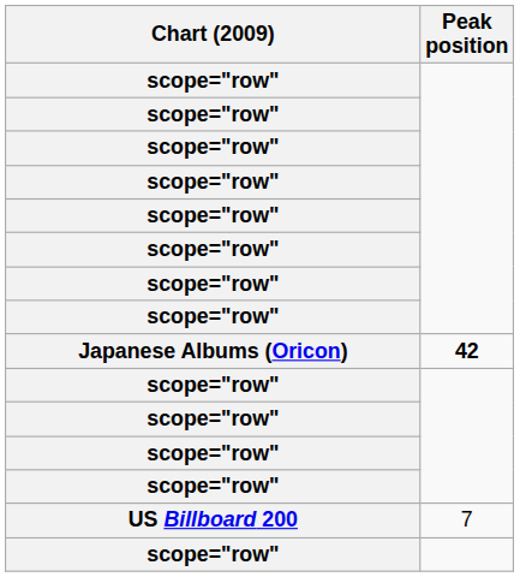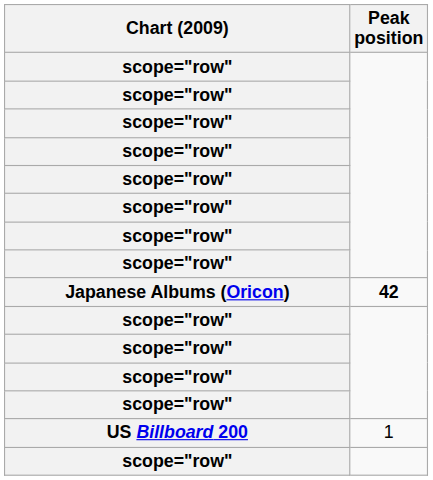 <table class="wikitable plainrowheaders sortable" style="text-align:center;">
 <tr>
 <th scope="col" style="width:19em;">Chart (2009)</th>
 <th scope="col">Peak<br>position</th>
 </tr>
 <tr>
 <th>scope="row" </th>
 </tr>
 <tr>
 <th>scope="row" </th>
 </tr>
 <tr>
 <th>scope="row" </th>
 </tr>
 <tr>
 <th>scope="row" </th>
 </tr>
 <tr>
 <th>scope="row" </th>
 </tr>
 <tr>
 <th>scope="row" </th>
 </tr>
 <tr>
 <th>scope="row" </th>
 </tr>
 <tr>
 <th>scope="row" </th>
 </tr>
 <tr>
 <th scope="row">Japanese Albums (<a href='#'>Oricon</a>)</th>
 <td><strong>42</strong></td>
 </tr>
 <tr>
 <th>scope="row" </th>
 </tr>
 <tr>
 <th>scope="row" </th>
 </tr>
 <tr>
 <th>scope="row" </th>
 </tr>
 <tr>
 <th>scope="row" </th>
 </tr>
 <tr>
 <th scope="row">US <a href='#'><em>Billboard</em> 200</a></th>
-<td>7</td>
+<td>1</td>
 </tr>
 <tr>
 <th>scope="row" </th>
 </tr>
 </table>
